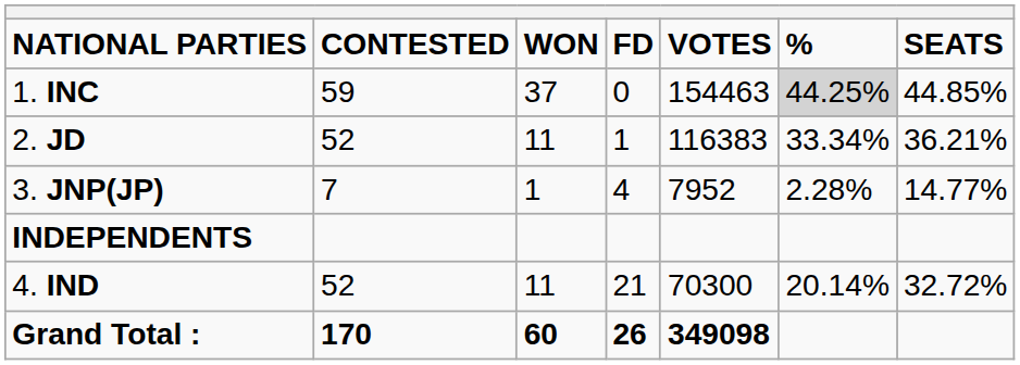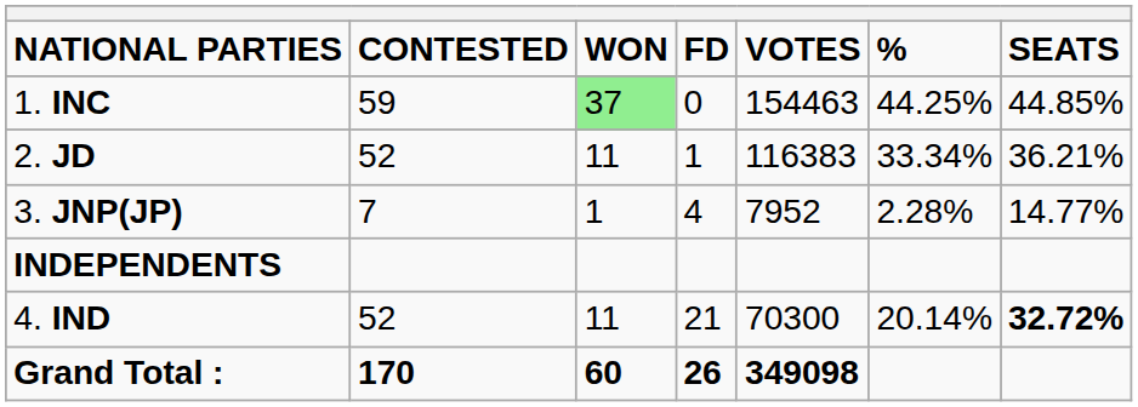 <table class="wikitable">
 <tr>
 <th colspan=8></th>
 </tr>
 <tr>
 <td><strong>NATIONAL  PARTIES</strong></td>
 <td><strong>CONTESTED</strong></td>
 <td><strong>WON</strong></td>
 <td><strong>FD</strong></td>
 <td><strong>VOTES</strong></td>
 <td><strong>%</strong></td>
 <td><strong>SEATS</strong></td>
 </tr>
 <tr>
 <td>1. <strong>INC</strong></td>
 <td>59</td>
-<td>37</td>
+<td style="background: lightgreen;">37</td>
 <td>0</td>
 <td>154463</td>
-<td style="background: lightgrey;">44.25%</td>
+<td>44.25%</td>
 <td>44.85%</td>
 </tr>
 <tr>
 <td>2. <strong>JD</strong></td>
 <td>52</td>
 <td>11</td>
 <td>1</td>
 <td>116383</td>
 <td>33.34%</td>
 <td>36.21%</td>
 </tr>
 <tr>
 <td>3. <strong>JNP(JP)</strong></td>
 <td>7</td>
 <td>1</td>
 <td>4</td>
 <td>7952</td>
 <td>2.28%</td>
 <td>14.77%</td>
 </tr>
 <tr>
 <td><strong>INDEPENDENTS</strong></td>
 <td></td>
 <td></td>
 <td></td>
 <td></td>
 <td></td>
 <td></td>
 </tr>
 <tr>
 <td>4. <strong>IND</strong></td>
 <td>52</td>
 <td>11</td>
 <td>21</td>
 <td>70300</td>
 <td>20.14%</td>
-<td>32.72%</td>
+<td><strong>32.72%</strong></td>
 </tr>
 <tr>
 <td><strong>Grand Total :</strong></td>
 <td><strong>170</strong></td>
 <td><strong>60</strong></td>
 <td><strong>26</strong></td>
 <td><strong>349098</strong></td>
 <td></td>
 <td></td>
 </tr>
 </table>
